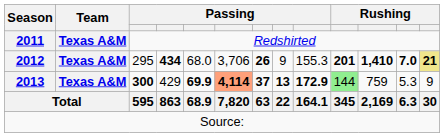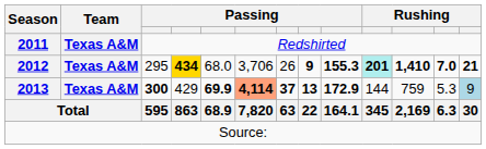 <table class="wikitable" style="text-align:center;">
 <tr>
 <th rowspan="2">Season</th>
 <th rowspan="2">Team</th>
 <th colspan="7">Passing</th>
 <th colspan="4">Rushing</th>
 </tr>
 <tr>
 <th></th>
 <th></th>
 <th></th>
 <th></th>
 <th></th>
 <th></th>
 <th></th>
 <th></th>
 <th></th>
 <th></th>
 <th></th>
 </tr>
 <tr>
 <th><a href='#'>2011</a></th>
 <th><a href='#'>Texas A&M</a></th>
 <td colspan="11"><em><a href='#'>Redshirted</a></em></td>
 </tr>
 <tr>
 <th><a href='#'>2012</a></th>
 <th><a href='#'>Texas A&M</a></th>
 <td>295</td>
-<td><strong>434</strong></td>
+<td style="background: gold;"><strong>434</strong></td>
 <td>68.0</td>
 <td>3,706</td>
-<td><strong>26</strong></td>
-<td>9</td>
-<td>155.3</td>
-<td><strong>201</strong></td>
+<td>26</td>
+<td><strong>9</strong></td>
+<td><strong>155.3</strong></td>
+<td style="background: paleturquoise;"><strong>201</strong></td>
 <td><strong>1,410</strong></td>
 <td><strong>7.0</strong></td>
-<td style="background: khaki;"><strong>21</strong></td>
+<td><strong>21</strong></td>
 </tr>
 <tr>
 <th><a href='#'>2013</a></th>
 <th><a href='#'>Texas A&M</a></th>
 <td><strong>300</strong></td>
 <td>429</td>
 <td><strong>69.9</strong></td>
 <td style="background: lightsalmon;"><strong>4,114</strong></td>
 <td><strong>37</strong></td>
 <td><strong>13</strong></td>
 <td><strong>172.9</strong></td>
-<td style="background: lightgreen;">144</td>
+<td>144</td>
 <td>759</td>
 <td>5.3</td>
-<td>9</td>
+<td style="background: lightblue;">9</td>
 </tr>
 <tr>
 <th colspan="2">Total</th>
 <th>595</th>
 <th>863</th>
 <th>68.9</th>
 <th>7,820</th>
 <th>63</th>
 <th>22</th>
 <th>164.1</th>
 <th>345</th>
 <th>2,169</th>
 <th>6.3</th>
 <th>30</th>
 </tr>
 <tr>
 <td colspan="13">Source:</td>
 </tr>
 </table>
